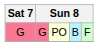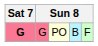 <table class="wikitable" style="margin:0.5em auto; font-size:90%; line-height:1.25em; text-align:center">
 <tr>
 <th>Sat 7</th>
 <th colspan="4">Sun 8</th>
 </tr>
 <tr>
-<td bgcolor="#FA7894">G</td>
+<td bgcolor="#FA7894"><strong>G</strong></td>
 <td bgcolor="#FA7894">G</td>
 <td bgcolor="#FFFFD7">PO</td>
 <td bgcolor="#BBF3FF">B</td>
 <td bgcolor="#ccffcc">F</td>
 </tr>
 <tr>
 </tr>
 </table>
